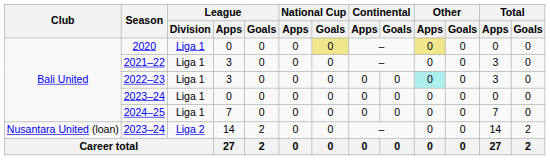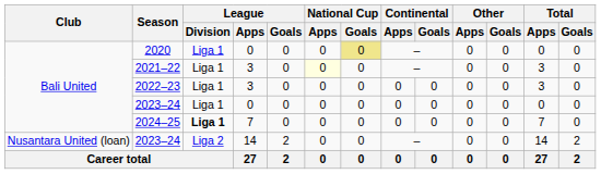 <table class="wikitable" style="text-align:center">
 <tr>
 <th rowspan="2">Club</th>
 <th rowspan="2">Season</th>
 <th colspan="3">League</th>
 <th colspan="2">National Cup</th>
 <th colspan="2">Continental</th>
 <th colspan="2">Other</th>
 <th colspan="2">Total</th>
 </tr>
 <tr>
 <th>Division</th>
 <th>Apps</th>
 <th>Goals</th>
 <th>Apps</th>
 <th>Goals</th>
 <th>Apps</th>
 <th>Goals</th>
 <th>Apps</th>
 <th>Goals</th>
 <th>Apps</th>
 <th>Goals</th>
 </tr>
 <tr>
 <td rowspan="5"><a href='#'>Bali United</a></td>
 <td><a href='#'>2020</a></td>
 <td><a href='#'>Liga 1</a></td>
 <td>0</td>
 <td>0</td>
 <td>0</td>
 <td style="background: khaki;">0</td>
 <td colspan="2">–</td>
-<td style="background: khaki;">0</td>
+<td>0</td>
 <td>0</td>
 <td>0</td>
 <td>0</td>
 </tr>
 <tr>
 <td><a href='#'>2021–22</a></td>
 <td>Liga 1</td>
 <td>3</td>
 <td>0</td>
-<td>0</td>
+<td style="background: lightyellow;">0</td>
 <td>0</td>
 <td colspan="2">–</td>
 <td>0</td>
 <td>0</td>
 <td>3</td>
 <td>0</td>
 </tr>
 <tr>
 <td><a href='#'>2022–23</a></td>
 <td rowspan="1" valign="center">Liga 1</td>
 <td>3</td>
 <td>0</td>
 <td>0</td>
 <td>0</td>
 <td>0</td>
 <td>0</td>
-<td style="background: paleturquoise;">0</td>
+<td>0</td>
 <td>0</td>
 <td>3</td>
 <td>0</td>
 </tr>
 <tr>
 <td><a href='#'>2023–24</a></td>
 <td>Liga 1</td>
 <td>0</td>
 <td>0</td>
 <td>0</td>
 <td>0</td>
 <td>0</td>
 <td>0</td>
 <td>0</td>
 <td>0</td>
 <td>0</td>
 <td>0</td>
 </tr>
 <tr>
 <td><a href='#'>2024–25</a></td>
-<td rowspan="1" valign="center">Liga 1</td>
+<td rowspan="1" valign="center"><strong>Liga 1</strong></td>
 <td>7</td>
 <td>0</td>
 <td>0</td>
 <td>0</td>
 <td>0</td>
 <td>0</td>
 <td>0</td>
 <td>0</td>
 <td>7</td>
 <td>0</td>
 </tr>
 <tr>
 <td rowspan="1"><a href='#'>Nusantara United</a> (loan)</td>
 <td><a href='#'>2023–24</a></td>
 <td><a href='#'>Liga 2</a></td>
 <td>14</td>
 <td>2</td>
 <td>0</td>
 <td>0</td>
 <td colspan="2">–</td>
 <td>0</td>
 <td>0</td>
 <td>14</td>
 <td>2</td>
 </tr>
 <tr>
 <th colspan="3">Career total</th>
 <th>27</th>
 <th>2</th>
 <th>0</th>
 <th>0</th>
 <th>0</th>
 <th>0</th>
 <th>0</th>
 <th>0</th>
 <th>27</th>
 <th>2</th>
 </tr>
 </table>
